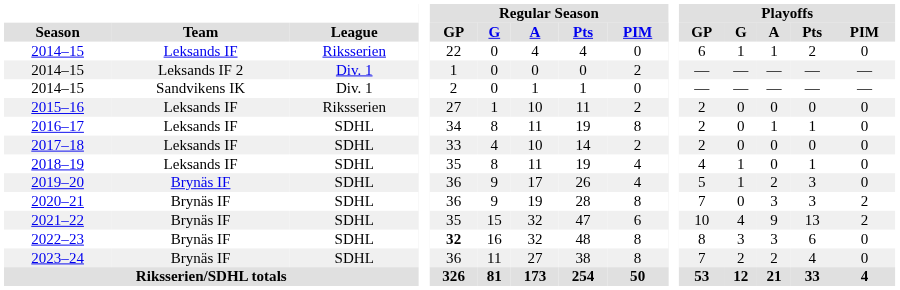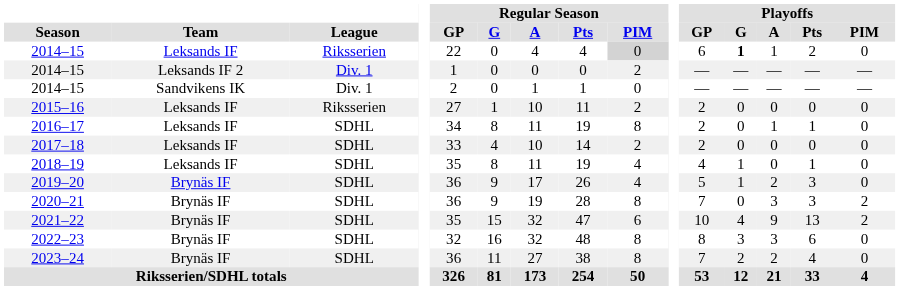 <table border="0" cellpadding="1" cellspacing="0" style="text-align:center; width:75%">
 <tr bgcolor="#e0e0e0">
 <th colspan="3"  bgcolor="#ffffff"> </th>
 <th rowspan="99" bgcolor="#ffffff"> </th>
 <th colspan="5">Regular Season</th>
 <th rowspan="99" bgcolor="#ffffff"> </th>
 <th colspan="5">Playoffs</th>
 </tr>
 <tr bgcolor="#e0e0e0">
 <th>Season</th>
 <th>Team</th>
 <th>League</th>
 <th>GP</th>
 <th><a href='#'>G</a></th>
 <th><a href='#'>A</a></th>
 <th><a href='#'>Pts</a></th>
 <th><a href='#'>PIM</a></th>
 <th>GP</th>
 <th>G</th>
 <th>A</th>
 <th>Pts</th>
 <th>PIM</th>
 </tr>
 <tr>
 <td><a href='#'>2014–15</a></td>
 <td><a href='#'>Leksands IF</a></td>
 <td><a href='#'>Riksserien</a></td>
 <td>22</td>
 <td>0</td>
 <td>4</td>
 <td>4</td>
-<td>0</td>
+<td style="background: lightgrey;">0</td>
 <td>6</td>
-<td>1</td>
+<td><strong>1</strong></td>
 <td>1</td>
 <td>2</td>
 <td>0</td>
 </tr>
 <tr bgcolor="f0f0f0">
 <td>2014–15</td>
 <td>Leksands IF 2</td>
 <td><a href='#'>Div. 1</a></td>
 <td>1</td>
 <td>0</td>
 <td>0</td>
 <td>0</td>
 <td>2</td>
 <td>—</td>
 <td>—</td>
 <td>—</td>
 <td>—</td>
 <td>—</td>
 </tr>
 <tr>
 <td>2014–15</td>
 <td>Sandvikens IK</td>
 <td>Div. 1</td>
 <td>2</td>
 <td>0</td>
 <td>1</td>
 <td>1</td>
 <td>0</td>
 <td>—</td>
 <td>—</td>
 <td>—</td>
 <td>—</td>
 <td>—</td>
 </tr>
 <tr bgcolor="#f0f0f0">
 <td><a href='#'>2015–16</a></td>
 <td>Leksands IF</td>
 <td>Riksserien</td>
 <td>27</td>
 <td>1</td>
 <td>10</td>
 <td>11</td>
 <td>2</td>
 <td>2</td>
 <td>0</td>
 <td>0</td>
 <td>0</td>
 <td>0</td>
 </tr>
 <tr>
 <td><a href='#'>2016–17</a></td>
 <td>Leksands IF</td>
 <td>SDHL</td>
 <td>34</td>
 <td>8</td>
 <td>11</td>
 <td>19</td>
 <td>8</td>
 <td>2</td>
 <td>0</td>
 <td>1</td>
 <td>1</td>
 <td>0</td>
 </tr>
 <tr bgcolor="#f0f0f0">
 <td><a href='#'>2017–18</a></td>
 <td>Leksands IF</td>
 <td>SDHL</td>
 <td>33</td>
 <td>4</td>
 <td>10</td>
 <td>14</td>
 <td>2</td>
 <td>2</td>
 <td>0</td>
 <td>0</td>
 <td>0</td>
 <td>0</td>
 </tr>
 <tr>
 <td><a href='#'>2018–19</a></td>
 <td>Leksands IF</td>
 <td>SDHL</td>
 <td>35</td>
 <td>8</td>
 <td>11</td>
 <td>19</td>
 <td>4</td>
 <td>4</td>
 <td>1</td>
 <td>0</td>
 <td>1</td>
 <td>0</td>
 </tr>
 <tr bgcolor="#f0f0f0">
 <td><a href='#'>2019–20</a></td>
 <td><a href='#'>Brynäs IF</a></td>
 <td>SDHL</td>
 <td>36</td>
 <td>9</td>
 <td>17</td>
 <td>26</td>
 <td>4</td>
 <td>5</td>
 <td>1</td>
 <td>2</td>
 <td>3</td>
 <td>0</td>
 </tr>
 <tr>
 <td><a href='#'>2020–21</a></td>
 <td>Brynäs IF</td>
 <td>SDHL</td>
 <td>36</td>
 <td>9</td>
 <td>19</td>
 <td>28</td>
 <td>8</td>
 <td>7</td>
 <td>0</td>
 <td>3</td>
 <td>3</td>
 <td>2</td>
 </tr>
 <tr bgcolor="f0f0f0">
 <td><a href='#'>2021–22</a></td>
 <td>Brynäs IF</td>
 <td>SDHL</td>
 <td>35</td>
 <td>15</td>
 <td>32</td>
 <td>47</td>
 <td>6</td>
 <td>10</td>
 <td>4</td>
 <td>9</td>
 <td>13</td>
 <td>2</td>
 </tr>
 <tr>
 <td><a href='#'>2022–23</a></td>
 <td>Brynäs IF</td>
 <td>SDHL</td>
-<td><strong>32</strong></td>
+<td>32</td>
 <td>16</td>
 <td>32</td>
 <td>48</td>
 <td>8</td>
 <td>8</td>
 <td>3</td>
 <td>3</td>
 <td>6</td>
 <td>0</td>
 </tr>
 <tr bgcolor="f0f0f0">
 <td><a href='#'>2023–24</a></td>
 <td>Brynäs IF</td>
 <td>SDHL</td>
 <td>36</td>
 <td>11</td>
 <td>27</td>
 <td>38</td>
 <td>8</td>
 <td>7</td>
 <td>2</td>
 <td>2</td>
 <td>4</td>
 <td>0</td>
 </tr>
 <tr bgcolor="#e0e0e0">
 <th colspan="3">Riksserien/SDHL totals</th>
 <th>326</th>
 <th>81</th>
 <th>173</th>
 <th>254</th>
 <th>50</th>
 <th>53</th>
 <th>12</th>
 <th>21</th>
 <th>33</th>
 <th>4</th>
 </tr>
 </table>
